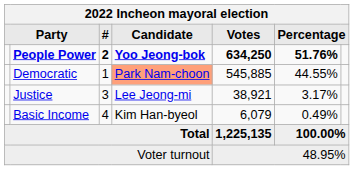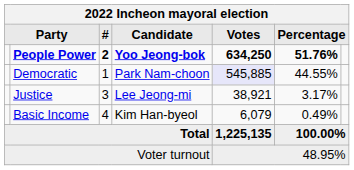 <table class="wikitable">
 <tr>
 <th colspan="7">2022 Incheon mayoral election</th>
 </tr>
 <tr>
 <th style="background-color:#E9E9E9" colspan=2>Party</th>
 <th style="background-color:#E9E9E9">#</th>
 <th style="background-color:#E9E9E9">Candidate</th>
 <th style="background-color:#E9E9E9">Votes</th>
 <th style="background-color:#E9E9E9" colspan=2>Percentage</th>
 </tr>
 <tr style="font-weight:bold">
 <td></td>
 <td align=left><a href='#'>People Power</a></td>
 <td align=center>2</td>
 <td align=left><a href='#'>Yoo Jeong-bok</a></td>
 <td align=right>634,250</td>
 <td align=right>51.76%</td>
 <td align=right></td>
 </tr>
 <tr>
 <td></td>
 <td align=left><a href='#'>Democratic</a></td>
 <td align=center>1</td>
-<td align=left style="background: lightsalmon;"><a href='#'>Park Nam-choon</a></td>
-<td align=right>545,885</td>
+<td align=left><a href='#'>Park Nam-choon</a></td>
+<td align=right style="background: lavender;">545,885</td>
 <td align=right>44.55%</td>
 <td align=right></td>
 </tr>
 <tr>
 <td></td>
 <td align=left><a href='#'>Justice</a></td>
 <td align=center>3</td>
 <td align=left><a href='#'>Lee Jeong-mi</a></td>
 <td align=right>38,921</td>
 <td align=right>3.17%</td>
 <td align=right></td>
 </tr>
 <tr>
 <td></td>
 <td align=left><a href='#'>Basic Income</a></td>
 <td align=center>4</td>
 <td align=left>Kim Han-byeol</td>
 <td align=right>6,079</td>
 <td align=right>0.49%</td>
 <td align=right></td>
 </tr>
 <tr bgcolor="#EEEEEE" style="font-weight:bold">
 <td colspan="4" align=right>Total</td>
 <td align=right>1,225,135</td>
 <td align=right colspan=2>100.00%</td>
 </tr>
 <tr bgcolor="#EEEEEE">
 <td colspan="4" align="right">Voter turnout</td>
 <td colspan="3" align="right">48.95%</td>
 </tr>
 </table>
